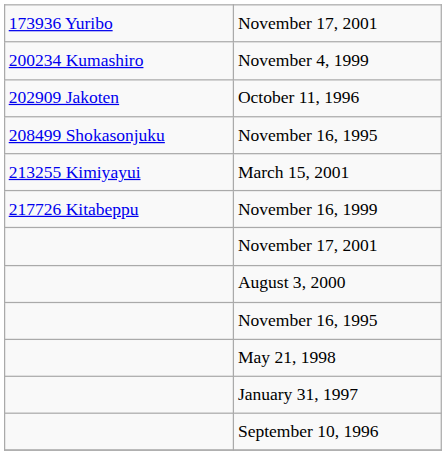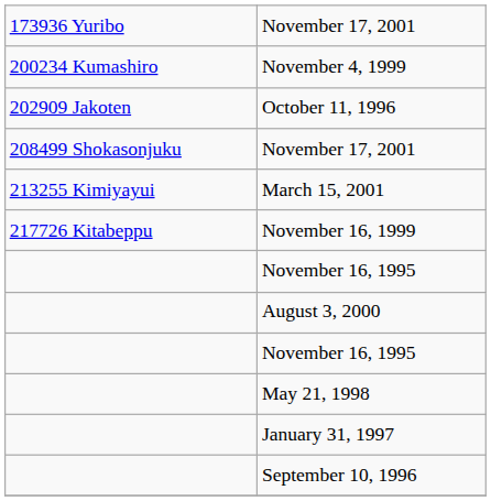 <table class="wikitable" style="font-size: 89%; float: left; width: 25em; margin-right: 1em; line-height: 1.65em !important;">
 <tr>
 <td><a href='#'>173936 Yuribo</a></td>
 <td>November 17, 2001</td>
 </tr>
 <tr>
 <td><a href='#'>200234 Kumashiro</a></td>
 <td>November 4, 1999</td>
 </tr>
 <tr>
 <td><a href='#'>202909 Jakoten</a></td>
 <td>October 11, 1996</td>
 </tr>
 <tr>
 <td><a href='#'>208499 Shokasonjuku</a></td>
-<td>November 16, 1995</td>
+<td>November 17, 2001</td>
 </tr>
 <tr>
 <td><a href='#'>213255 Kimiyayui</a></td>
 <td>March 15, 2001</td>
 </tr>
 <tr>
 <td><a href='#'>217726 Kitabeppu</a></td>
 <td>November 16, 1999</td>
 </tr>
 <tr>
 <td></td>
-<td>November 17, 2001</td>
+<td>November 16, 1995</td>
 </tr>
 <tr>
 <td></td>
 <td>August 3, 2000</td>
 </tr>
 <tr>
 <td></td>
 <td>November 16, 1995</td>
 </tr>
 <tr>
 <td></td>
 <td>May 21, 1998</td>
 </tr>
 <tr>
 <td></td>
 <td>January 31, 1997</td>
 </tr>
 <tr>
 <td></td>
 <td>September 10, 1996</td>
 </tr>
 <tr>
 </tr>
 </table>
